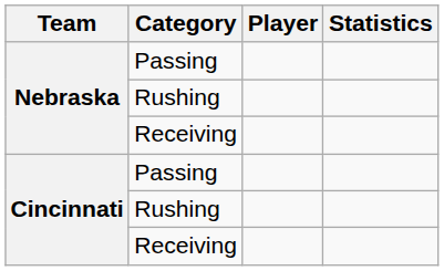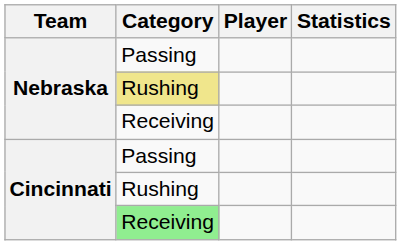 <table class="wikitable" style="float:right">
 <tr>
 <th>Team</th>
 <th>Category</th>
 <th>Player</th>
 <th>Statistics</th>
 </tr>
 <tr>
 <th rowspan=3>Nebraska</th>
 <td>Passing</td>
 <td></td>
 <td></td>
 </tr>
 <tr>
-<td>Rushing</td>
+<td style="background: khaki;">Rushing</td>
 <td></td>
 <td></td>
 </tr>
 <tr>
 <td>Receiving</td>
 <td></td>
 <td></td>
 </tr>
 <tr>
 <th rowspan=3>Cincinnati</th>
 <td>Passing</td>
 <td></td>
 <td></td>
 </tr>
 <tr>
 <td>Rushing</td>
 <td></td>
 <td></td>
 </tr>
 <tr>
-<td>Receiving</td>
+<td style="background: lightgreen;">Receiving</td>
 <td></td>
 <td></td>
 </tr>
 </table>
